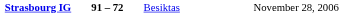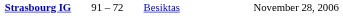 <table style="text-align:center">
 <tr>
 <th width=160></th>
 <th width=100></th>
 <th width=160></th>
 <th width=200></th>
 </tr>
 <tr>
 <td align=right><strong><a href='#'>Strasbourg IG</a></strong> </td>
-<td><strong>91 – 72</strong></td>
+<td>91 – 72</td>
 <td align="left"> <a href='#'>Besiktas</a></td>
 <td align=left>November 28, 2006</td>
 </tr>
 </table>
